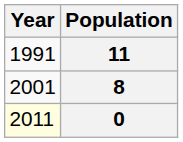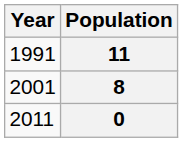 <table class="wikitable sortable plainrowheaders">
 <tr>
 <th scope="col">Year</th>
 <th scope="col">Population</th>
 </tr>
 <tr>
 <td>1991</td>
 <th scope="row">11</th>
 </tr>
 <tr>
 <td>2001</td>
 <th scope="row">8</th>
 </tr>
 <tr>
-<td style="background: lightyellow;">2011</td>
+<td>2011</td>
 <th scope="row">0</th>
 </tr>
 </table>
